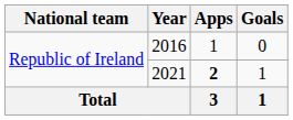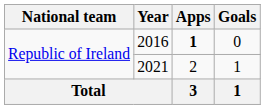 <table class="sortable wikitable" style="text-align:center">
 <tr>
 <th scope="col">National team</th>
 <th scope="col">Year</th>
 <th !scope="col">Apps</th>
 <th !scope="col">Goals</th>
 </tr>
 <tr>
 <td rowspan="2"><a href='#'>Republic of Ireland</a></td>
 <td scope="row">2016</td>
-<td>1</td>
+<td><strong>1</strong></td>
 <td>0</td>
 </tr>
 <tr>
 <td scope="row">2021</td>
-<td><strong>2</strong></td>
+<td>2</td>
 <td>1</td>
 </tr>
 <tr>
 <th colspan="2">Total</th>
 <th>3</th>
 <th>1</th>
 </tr>
 </table>
